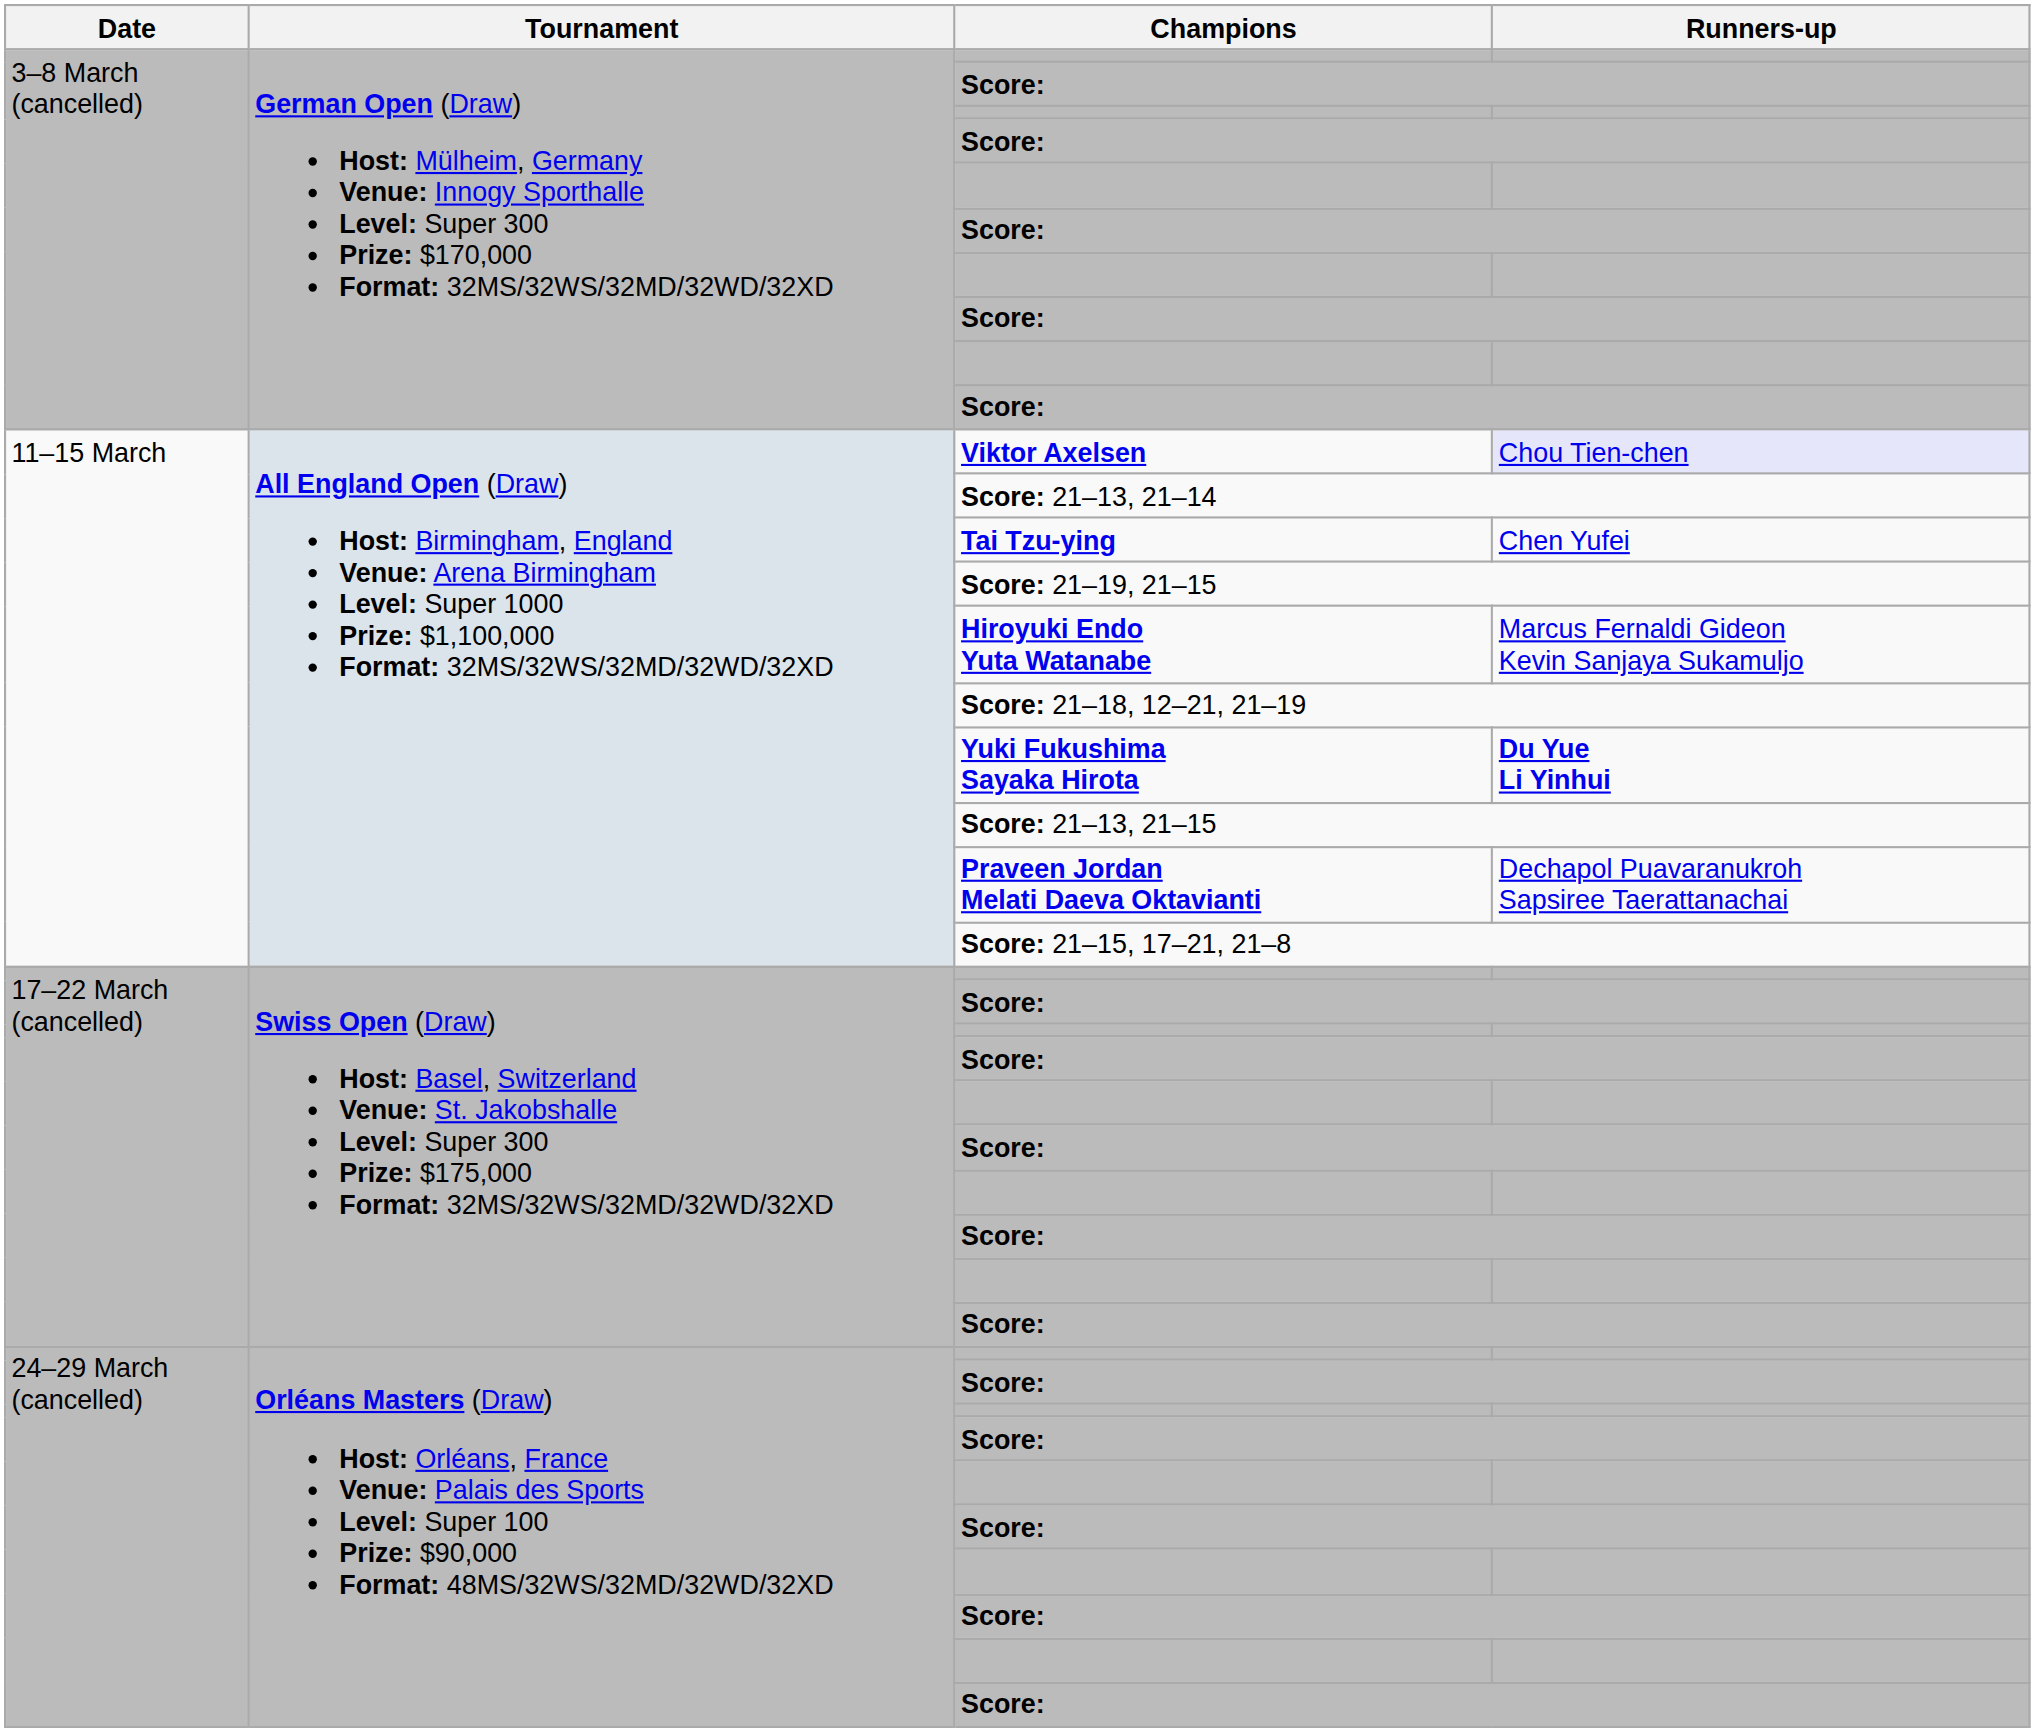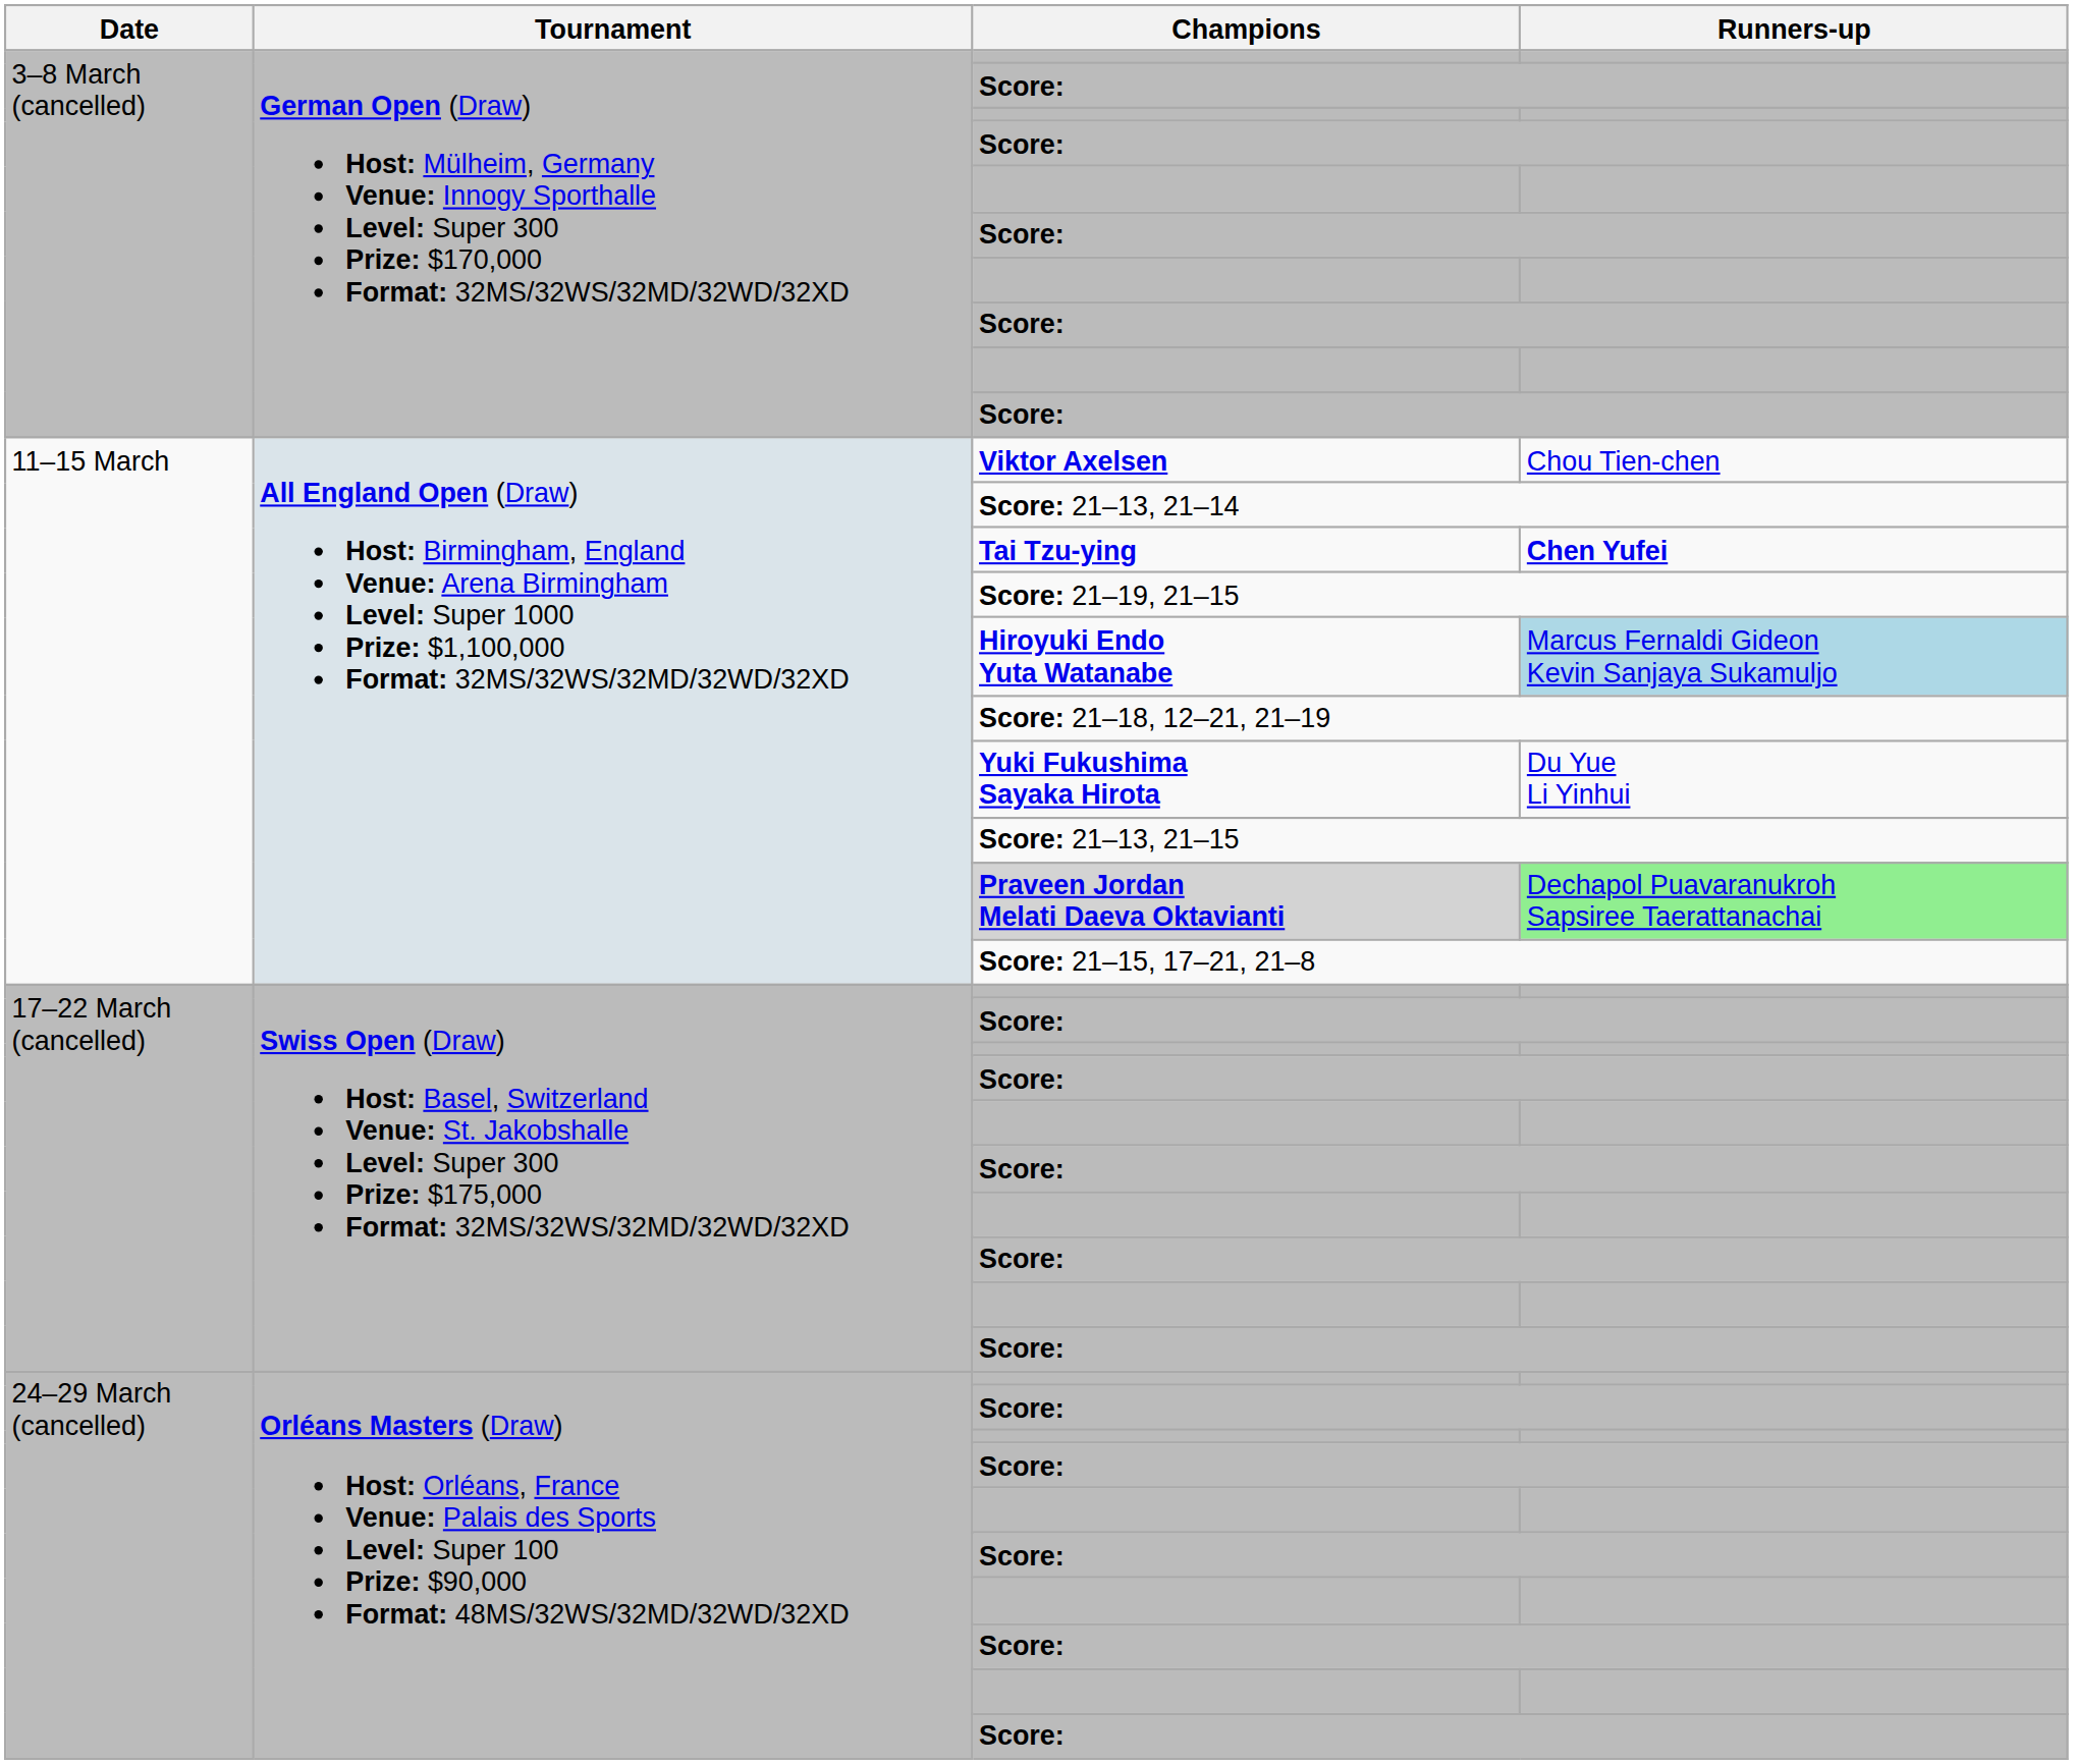 <table class="wikitable" style="font-size:80%">
 <tr>
 <th width="110">Date</th>
 <th width="330">Tournament</th>
 <th width="250">Champions</th>
 <th width="250">Runners-up</th>
 </tr>
 <tr valign="top" bgcolor="#BBBBBB">
 <td rowspan="10">3–8 March (cancelled)</td>
 <td rowspan="10"><br><strong> <a href='#'>German Open</a></strong> (<a href='#'>Draw</a>)<ul><li><strong>Host:</strong> <a href='#'>Mülheim</a>, <a href='#'>Germany</a></li><li><strong>Venue:</strong> <a href='#'>Innogy Sporthalle</a></li><li><strong>Level:</strong> Super 300</li><li><strong>Prize:</strong> $170,000</li><li><strong>Format:</strong> 32MS/32WS/32MD/32WD/32XD</li></ul></td>
 <td><strong> </strong></td>
 <td></td>
 </tr>
 <tr bgcolor="#BBBBBB">
 <td colspan="2"><strong>Score:</strong></td>
 </tr>
 <tr valign="top" bgcolor="#BBBBBB">
 <td><strong> </strong></td>
 <td></td>
 </tr>
 <tr bgcolor="#BBBBBB">
 <td colspan="2"><strong>Score:</strong></td>
 </tr>
 <tr valign="top" bgcolor="#BBBBBB">
 <td><strong> <br> </strong></td>
 <td> <br></td>
 </tr>
 <tr bgcolor="#BBBBBB">
 <td colspan="2"><strong>Score:</strong></td>
 </tr>
 <tr valign="top" bgcolor="#BBBBBB">
 <td><strong> <br> </strong></td>
 <td> <br></td>
 </tr>
 <tr bgcolor="#BBBBBB">
 <td colspan="2"><strong>Score:</strong></td>
 </tr>
 <tr valign="top" bgcolor="#BBBBBB">
 <td><strong> <br> </strong></td>
 <td> <br></td>
 </tr>
 <tr bgcolor="#BBBBBB">
 <td colspan="2"><strong>Score:</strong></td>
 </tr>
 <tr valign="top">
 <td rowspan="10">11–15 March</td>
 <td bgcolor="#DAE4EA" rowspan="10"><br><strong> <a href='#'>All England Open</a></strong> (<a href='#'>Draw</a>)<ul><li><strong>Host:</strong> <a href='#'>Birmingham</a>, <a href='#'>England</a></li><li><strong>Venue:</strong> <a href='#'>Arena Birmingham</a></li><li><strong>Level:</strong> Super 1000</li><li><strong>Prize:</strong> $1,100,000</li><li><strong>Format:</strong> 32MS/32WS/32MD/32WD/32XD</li></ul></td>
 <td><strong> <a href='#'>Viktor Axelsen</a></strong></td>
-<td style="background: lavender;"> <a href='#'>Chou Tien-chen</a></td>
+<td> <a href='#'>Chou Tien-chen</a></td>
 </tr>
 <tr>
 <td colspan="2"><strong>Score:</strong> 21–13, 21–14</td>
 </tr>
 <tr valign="top">
 <td><strong> <a href='#'>Tai Tzu-ying</a></strong></td>
-<td> <a href='#'>Chen Yufei</a></td>
+<td><strong> <a href='#'>Chen Yufei</a></strong></td>
 </tr>
 <tr>
 <td colspan="2"><strong>Score:</strong> 21–19, 21–15</td>
 </tr>
 <tr valign="top">
 <td><strong> <a href='#'>Hiroyuki Endo</a><br> <a href='#'>Yuta Watanabe</a></strong></td>
-<td> <a href='#'>Marcus Fernaldi Gideon</a><br> <a href='#'>Kevin Sanjaya Sukamuljo</a></td>
+<td style="background: lightblue;"> <a href='#'>Marcus Fernaldi Gideon</a><br> <a href='#'>Kevin Sanjaya Sukamuljo</a></td>
 </tr>
 <tr>
 <td colspan="2"><strong>Score:</strong> 21–18, 12–21, 21–19</td>
 </tr>
 <tr valign="top">
 <td><strong> <a href='#'>Yuki Fukushima</a><br> <a href='#'>Sayaka Hirota</a></strong></td>
-<td><strong> <a href='#'>Du Yue</a><br> <a href='#'>Li Yinhui</a></strong></td>
+<td> <a href='#'>Du Yue</a><br> <a href='#'>Li Yinhui</a></td>
 </tr>
 <tr>
 <td colspan="2"><strong>Score:</strong> 21–13, 21–15</td>
 </tr>
 <tr valign="top">
-<td><strong> <a href='#'>Praveen Jordan</a><br> <a href='#'>Melati Daeva Oktavianti</a></strong></td>
-<td> <a href='#'>Dechapol Puavaranukroh</a><br> <a href='#'>Sapsiree Taerattanachai</a></td>
+<td style="background: lightgrey;"><strong> <a href='#'>Praveen Jordan</a><br> <a href='#'>Melati Daeva Oktavianti</a></strong></td>
+<td style="background: lightgreen;"> <a href='#'>Dechapol Puavaranukroh</a><br> <a href='#'>Sapsiree Taerattanachai</a></td>
 </tr>
 <tr>
 <td colspan="2"><strong>Score:</strong> 21–15, 17–21, 21–8</td>
 </tr>
 <tr valign="top" bgcolor="#BBBBBB">
 <td rowspan="10">17–22 March (cancelled)</td>
 <td bgcolor="#BBBBBB" rowspan="10"><br><strong> <a href='#'>Swiss Open</a></strong> (<a href='#'>Draw</a>)<ul><li><strong>Host:</strong> <a href='#'>Basel</a>, <a href='#'>Switzerland</a></li><li><strong>Venue:</strong> <a href='#'>St. Jakobshalle</a></li><li><strong>Level:</strong> Super 300</li><li><strong>Prize:</strong> $175,000</li><li><strong>Format:</strong> 32MS/32WS/32MD/32WD/32XD</li></ul></td>
 <td><strong> </strong></td>
 <td></td>
 </tr>
 <tr bgcolor="#BBBBBB">
 <td colspan="2"><strong>Score:</strong></td>
 </tr>
 <tr valign="top" bgcolor="#BBBBBB">
 <td><strong> </strong></td>
 <td></td>
 </tr>
 <tr bgcolor="#BBBBBB">
 <td colspan="2"><strong>Score:</strong></td>
 </tr>
 <tr valign="top" bgcolor="#BBBBBB">
 <td><strong> <br> </strong></td>
 <td> <br></td>
 </tr>
 <tr bgcolor="#BBBBBB">
 <td colspan="2"><strong>Score:</strong></td>
 </tr>
 <tr valign="top" bgcolor="#BBBBBB">
 <td><strong> <br> </strong></td>
 <td> <br></td>
 </tr>
 <tr bgcolor="#BBBBBB">
 <td colspan="2"><strong>Score:</strong></td>
 </tr>
 <tr valign="top" bgcolor="#BBBBBB">
 <td><strong> <br> </strong></td>
 <td> <br></td>
 </tr>
 <tr bgcolor="#BBBBBB">
 <td colspan="2"><strong>Score:</strong></td>
 </tr>
 <tr valign="top" bgcolor="#BBBBBB">
 <td rowspan="10">24–29 March (cancelled)</td>
 <td bgcolor="#BBBBBB" rowspan="10"><br><strong> <a href='#'>Orléans Masters</a></strong> (<a href='#'>Draw</a>)<ul><li><strong>Host:</strong> <a href='#'>Orléans</a>, <a href='#'>France</a></li><li><strong>Venue:</strong> <a href='#'>Palais des Sports</a></li><li><strong>Level:</strong> Super 100</li><li><strong>Prize:</strong> $90,000</li><li><strong>Format:</strong> 48MS/32WS/32MD/32WD/32XD</li></ul></td>
 <td><strong> </strong></td>
 <td></td>
 </tr>
 <tr bgcolor="#BBBBBB">
 <td colspan="2"><strong>Score:</strong></td>
 </tr>
 <tr valign="top" bgcolor="#BBBBBB">
 <td><strong> </strong></td>
 <td></td>
 </tr>
 <tr bgcolor="#BBBBBB">
 <td colspan="2"><strong>Score:</strong></td>
 </tr>
 <tr valign="top" bgcolor="#BBBBBB">
 <td><strong> <br> </strong></td>
 <td> <br></td>
 </tr>
 <tr bgcolor="#BBBBBB">
 <td colspan="2"><strong>Score:</strong></td>
 </tr>
 <tr valign="top" bgcolor="#BBBBBB">
 <td><strong> <br> </strong></td>
 <td> <br></td>
 </tr>
 <tr bgcolor="#BBBBBB">
 <td colspan="2"><strong>Score:</strong></td>
 </tr>
 <tr valign="top" bgcolor="#BBBBBB">
 <td><strong> <br> </strong></td>
 <td> <br></td>
 </tr>
 <tr bgcolor="#BBBBBB">
 <td colspan="2"><strong>Score:</strong></td>
 </tr>
 </table>
